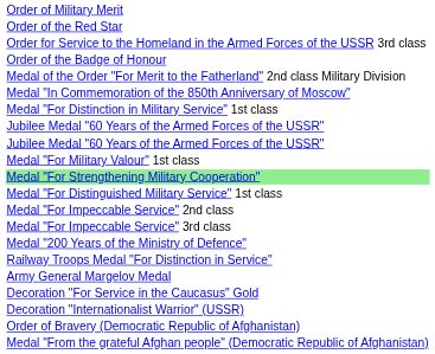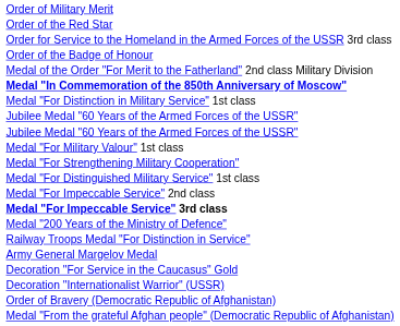 <table>
 <tr>
 <td></td>
 <td><a href='#'>Order of Military Merit</a></td>
 </tr>
 <tr>
 <td></td>
 <td><a href='#'>Order of the Red Star</a></td>
 </tr>
 <tr>
 <td></td>
 <td><a href='#'>Order for Service to the Homeland in the Armed Forces of the USSR</a> 3rd class</td>
 </tr>
 <tr>
 <td></td>
 <td><a href='#'>Order of the Badge of Honour</a></td>
 </tr>
 <tr>
 <td></td>
 <td><a href='#'>Medal of the Order "For Merit to the Fatherland"</a> 2nd class Military Division</td>
 </tr>
 <tr>
 <td></td>
-<td><a href='#'>Medal "In Commemoration of the 850th Anniversary of Moscow"</a></td>
+<td><strong><a href='#'>Medal "In Commemoration of the 850th Anniversary of Moscow"</a></strong></td>
 </tr>
 <tr>
 <td></td>
 <td><a href='#'>Medal "For Distinction in Military Service"</a> 1st class</td>
 </tr>
 <tr>
 <td></td>
 <td><a href='#'>Jubilee Medal "60 Years of the Armed Forces of the USSR"</a></td>
 </tr>
 <tr>
 <td></td>
 <td><a href='#'>Jubilee Medal "60 Years of the Armed Forces of the USSR"</a></td>
 </tr>
 <tr>
 <td></td>
 <td><a href='#'>Medal "For Military Valour"</a> 1st class</td>
 </tr>
 <tr>
 <td></td>
-<td style="background: lightgreen;"><a href='#'>Medal "For Strengthening Military Cooperation"</a></td>
+<td><a href='#'>Medal "For Strengthening Military Cooperation"</a></td>
 </tr>
 <tr>
 <td></td>
 <td><a href='#'>Medal "For Distinguished Military Service"</a> 1st class</td>
 </tr>
 <tr>
 <td></td>
 <td><a href='#'>Medal "For Impeccable Service"</a> 2nd class</td>
 </tr>
 <tr>
 <td></td>
-<td><a href='#'>Medal "For Impeccable Service"</a> 3rd class</td>
+<td><strong><a href='#'>Medal "For Impeccable Service"</a> 3rd class</strong></td>
 </tr>
 <tr>
 <td></td>
 <td><a href='#'>Medal "200 Years of the Ministry of Defence"</a></td>
 </tr>
 <tr>
 <td></td>
 <td><a href='#'>Railway Troops Medal "For Distinction in Service"</a></td>
 </tr>
 <tr>
 <td></td>
 <td><a href='#'>Army General Margelov Medal</a></td>
 </tr>
 <tr>
 <td></td>
 <td><a href='#'>Decoration "For Service in the Caucasus" Gold</a></td>
 </tr>
 <tr>
 <td></td>
 <td><a href='#'>Decoration "Internationalist Warrior" (USSR)</a></td>
 </tr>
 <tr>
 <td></td>
 <td><a href='#'>Order of Bravery (Democratic Republic of Afghanistan)</a></td>
 </tr>
 <tr>
 <td></td>
 <td><a href='#'>Medal "From the grateful Afghan people" (Democratic Republic of Afghanistan)</a></td>
 </tr>
 </table>
